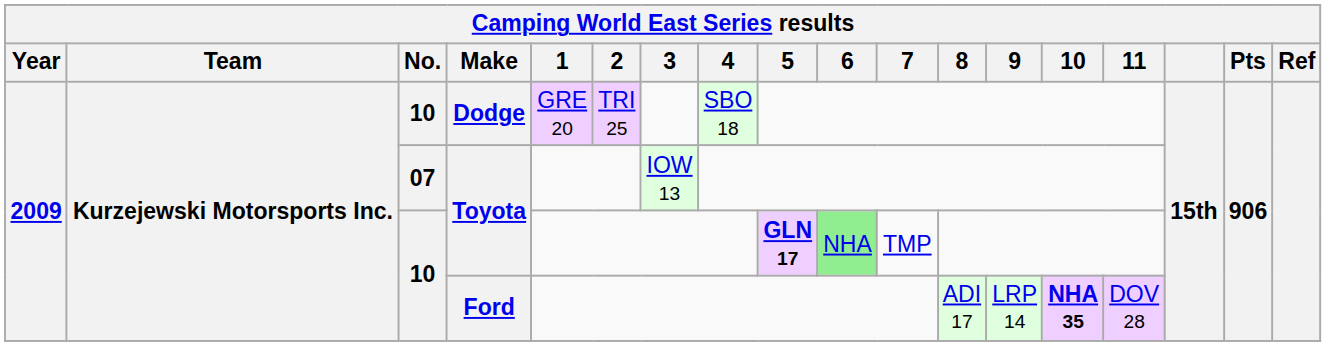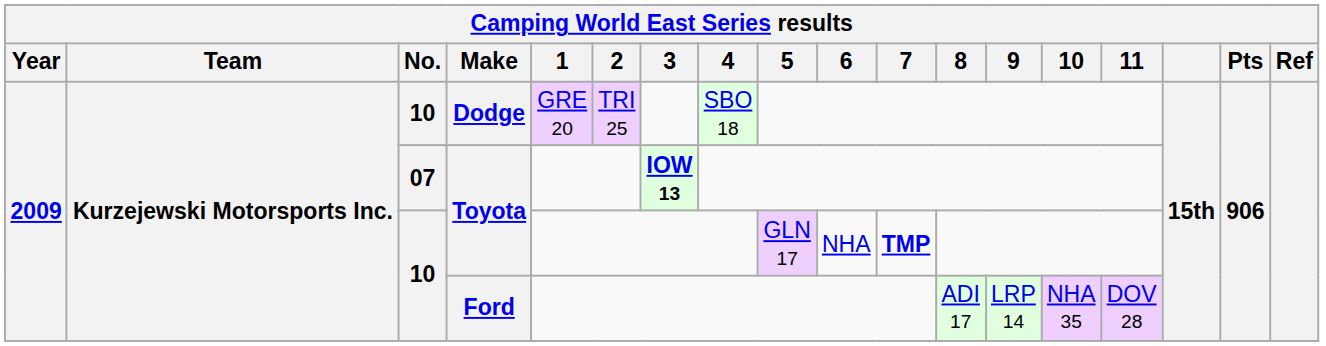 <table class="wikitable" style="text-align:center; font-size:75%">
 <tr>
 <th colspan=45><a href='#'>Camping World East Series</a> results</th>
 </tr>
 <tr>
 <th>Year</th>
 <th>Team</th>
 <th>No.</th>
 <th>Make</th>
 <th>1</th>
 <th>2</th>
 <th>3</th>
 <th>4</th>
 <th>5</th>
 <th>6</th>
 <th>7</th>
 <th>8</th>
 <th>9</th>
 <th>10</th>
 <th>11</th>
 <th></th>
 <th>Pts</th>
 <th>Ref</th>
 </tr>
 <tr>
 <th rowspan=4><a href='#'>2009</a></th>
 <th rowspan=4>Kurzejewski Motorsports Inc.</th>
 <th>10</th>
 <th><a href='#'>Dodge</a></th>
 <td style="background:#EFCFFF;"><a href='#'>GRE</a><br><small>20</small></td>
 <td style="background:#EFCFFF;"><a href='#'>TRI</a><br><small>25</small></td>
 <td></td>
 <td style="background:#DFFFDF;"><a href='#'>SBO</a><br><small>18</small></td>
 <td colspan=7></td>
 <th rowspan=4>15th</th>
 <th rowspan=4>906</th>
 <th rowspan=4></th>
 </tr>
 <tr>
 <th>07</th>
 <th rowspan=2><a href='#'>Toyota</a></th>
 <td colspan=2></td>
-<td style="background:#DFFFDF;"><a href='#'>IOW</a><br><small>13</small></td>
+<td style="background:#DFFFDF;"><strong><a href='#'>IOW</a><br><small>13</small></strong></td>
 <td colspan=8></td>
 </tr>
 <tr>
 <th rowspan=2>10</th>
 <td colspan=4></td>
-<td style="background:#EFCFFF;"><strong><a href='#'>GLN</a><br><small>17</small></strong></td>
-<td style="background: lightgreen;"><a href='#'>NHA</a></td>
-<td><a href='#'>TMP</a></td>
+<td style="background:#EFCFFF;"><a href='#'>GLN</a><br><small>17</small></td>
+<td><a href='#'>NHA</a></td>
+<td><strong><a href='#'>TMP</a></strong></td>
 <td colspan=4></td>
 </tr>
 <tr>
 <th><a href='#'>Ford</a></th>
 <td colspan=7></td>
 <td style="background:#DFFFDF;"><a href='#'>ADI</a><br><small>17</small></td>
 <td style="background:#DFFFDF;"><a href='#'>LRP</a><br><small>14</small></td>
-<td style="background:#EFCFFF;"><strong><a href='#'>NHA</a><br><small>35</small></strong></td>
+<td style="background:#EFCFFF;"><a href='#'>NHA</a><br><small>35</small></td>
 <td style="background:#EFCFFF;"><a href='#'>DOV</a><br><small>28</small></td>
 </tr>
 </table>
